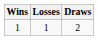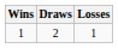 <table class="wikitable">
 <tr>
 <th>Wins</th>
+<th>Draws</th>
 <th>Losses</th>
-<th>Draws</th>
 </tr>
 <tr>
 <td align=center>1</td>
+<td align=center>2</td>
 <td align=center>1</td>
-<td align=center>2</td>
 </tr>
 </table>
